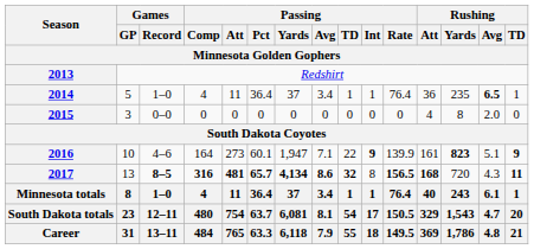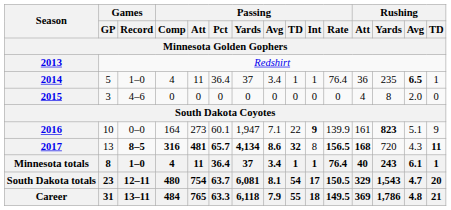 <table class="wikitable" style="text-align:center;">
 <tr>
 <th rowspan="2">Season</th>
 <th colspan="2">Games</th>
 <th colspan="8">Passing</th>
 <th colspan="4">Rushing</th>
 </tr>
 <tr>
 <th>GP</th>
 <th>Record</th>
 <th>Comp</th>
 <th>Att</th>
 <th>Pct</th>
 <th>Yards</th>
 <th>Avg</th>
 <th>TD</th>
 <th>Int</th>
 <th>Rate</th>
 <th>Att</th>
 <th>Yards</th>
 <th>Avg</th>
 <th>TD</th>
 </tr>
 <tr>
 <th colspan="16">Minnesota Golden Gophers</th>
 </tr>
 <tr>
 <th><a href='#'>2013</a></th>
 <td colspan="14"> <em><a href='#'>Redshirt</a></em></td>
 </tr>
 <tr>
 <th><a href='#'>2014</a></th>
 <td>5</td>
 <td>1–0</td>
 <td>4</td>
 <td>11</td>
 <td>36.4</td>
 <td>37</td>
 <td>3.4</td>
 <td>1</td>
 <td>1</td>
 <td>76.4</td>
 <td>36</td>
 <td>235</td>
 <td><strong>6.5</strong></td>
 <td>1</td>
 </tr>
 <tr>
 <th><a href='#'>2015</a></th>
 <td>3</td>
-<td>0–0</td>
+<td>4–6</td>
 <td>0</td>
 <td>0</td>
 <td>0</td>
 <td>0</td>
 <td>0</td>
 <td>0</td>
 <td>0</td>
 <td>0</td>
 <td>4</td>
 <td>8</td>
 <td>2.0</td>
 <td>0</td>
 </tr>
 <tr>
 <th colspan="16">South Dakota Coyotes</th>
 </tr>
 <tr>
 <th><a href='#'>2016</a></th>
 <td>10</td>
-<td>4–6</td>
+<td>0–0</td>
 <td>164</td>
 <td>273</td>
 <td>60.1</td>
 <td>1,947</td>
 <td>7.1</td>
 <td>22</td>
 <td><strong>9</strong></td>
 <td>139.9</td>
 <td>161</td>
 <td><strong>823</strong></td>
 <td>5.1</td>
-<td><strong>9</strong></td>
+<td>9</td>
 </tr>
 <tr>
 <th><a href='#'>2017</a></th>
 <td>13</td>
 <td><strong>8–5</strong></td>
 <td><strong>316</strong></td>
 <td><strong>481</strong></td>
 <td><strong>65.7</strong></td>
 <td><strong>4,134</strong></td>
 <td><strong>8.6</strong></td>
 <td><strong>32</strong></td>
 <td>8</td>
 <td><strong>156.5</strong></td>
 <td><strong>168</strong></td>
 <td>720</td>
 <td>4.3</td>
 <td><strong>11</strong></td>
 </tr>
 <tr>
 <th colspan="1">Minnesota totals</th>
 <th>8</th>
 <th>1–0</th>
 <th>4</th>
 <th>11</th>
 <th>36.4</th>
 <th>37</th>
 <th>3.4</th>
 <th>1</th>
 <th>1</th>
 <th>76.4</th>
 <th>40</th>
 <th>243</th>
 <th>6.1</th>
 <th>1</th>
 </tr>
 <tr>
 <th colspan="1">South Dakota totals</th>
 <th>23</th>
 <th>12–11</th>
 <th>480</th>
 <th>754</th>
 <th>63.7</th>
 <th>6,081</th>
 <th>8.1</th>
 <th>54</th>
 <th>17</th>
 <th>150.5</th>
 <th>329</th>
 <th>1,543</th>
 <th>4.7</th>
 <th>20</th>
 </tr>
 <tr>
 <th>Career</th>
 <th>31</th>
 <th>13–11</th>
 <th>484</th>
 <th>765</th>
 <th>63.3</th>
 <th>6,118</th>
 <th>7.9</th>
 <th>55</th>
 <th>18</th>
 <th>149.5</th>
 <th>369</th>
 <th>1,786</th>
 <th>4.8</th>
 <th>21</th>
 </tr>
 </table>
